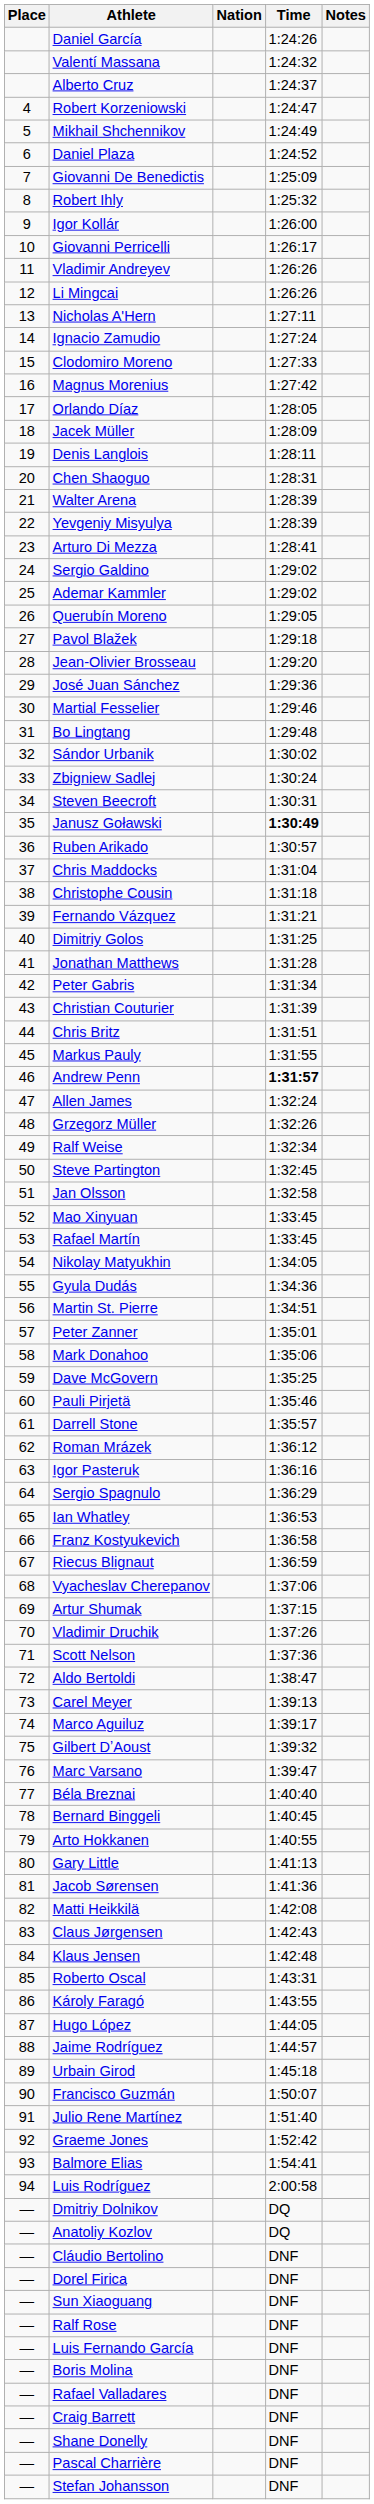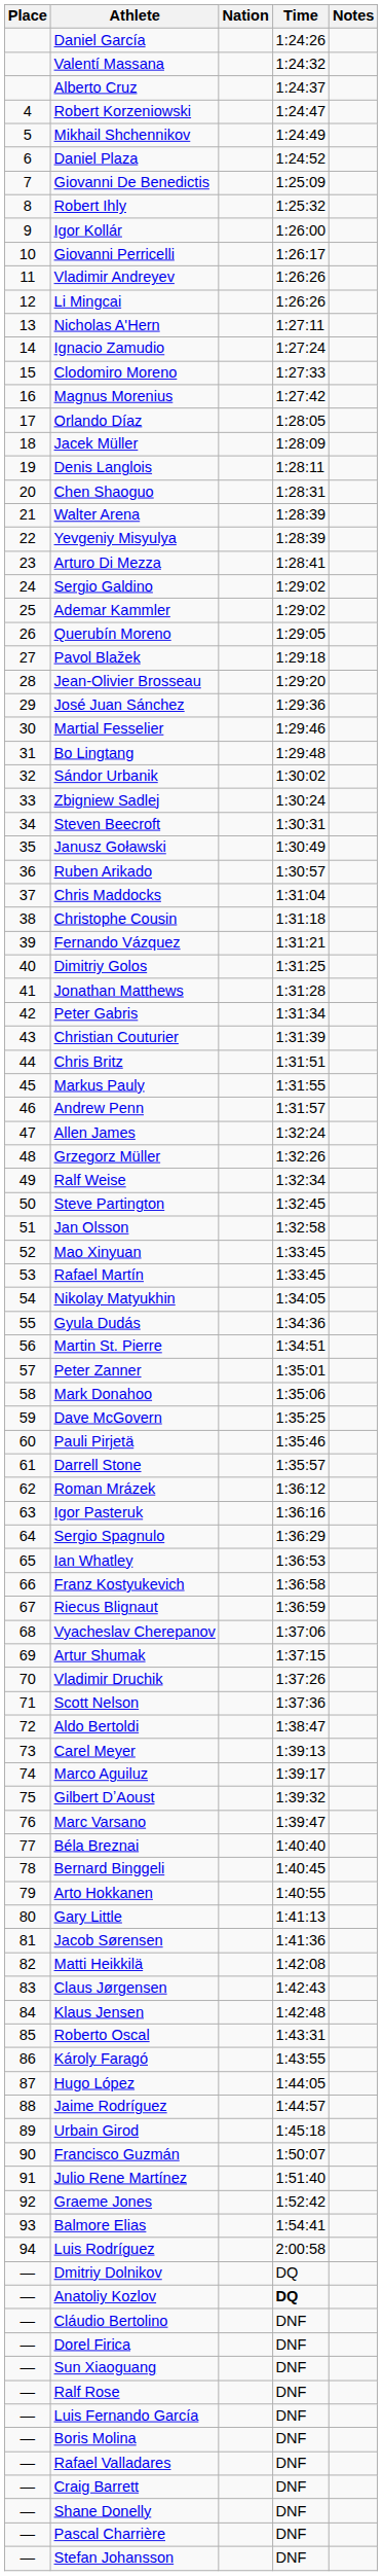 <table class=wikitable>
 <tr>
 <th>Place</th>
 <th>Athlete</th>
 <th>Nation</th>
 <th>Time</th>
 <th>Notes</th>
 </tr>
 <tr>
 <td align=center></td>
 <td><a href='#'>Daniel García</a></td>
 <td></td>
 <td>1:24:26</td>
 <td> </td>
 </tr>
 <tr>
 <td align=center></td>
 <td><a href='#'>Valentí Massana</a></td>
 <td></td>
 <td>1:24:32</td>
 <td> </td>
 </tr>
 <tr>
 <td align=center></td>
 <td><a href='#'>Alberto Cruz</a></td>
 <td></td>
 <td>1:24:37</td>
 <td> </td>
 </tr>
 <tr>
 <td align=center>4</td>
 <td><a href='#'>Robert Korzeniowski</a></td>
 <td></td>
 <td>1:24:47</td>
 <td> </td>
 </tr>
 <tr>
 <td align=center>5</td>
 <td><a href='#'>Mikhail Shchennikov</a></td>
 <td></td>
 <td>1:24:49</td>
 <td> </td>
 </tr>
 <tr>
 <td align=center>6</td>
 <td><a href='#'>Daniel Plaza</a></td>
 <td></td>
 <td>1:24:52</td>
 <td> </td>
 </tr>
 <tr>
 <td align=center>7</td>
 <td><a href='#'>Giovanni De Benedictis</a></td>
 <td></td>
 <td>1:25:09</td>
 <td> </td>
 </tr>
 <tr>
 <td align=center>8</td>
 <td><a href='#'>Robert Ihly</a></td>
 <td></td>
 <td>1:25:32</td>
 <td> </td>
 </tr>
 <tr>
 <td align=center>9</td>
 <td><a href='#'>Igor Kollár</a></td>
 <td></td>
 <td>1:26:00</td>
 <td> </td>
 </tr>
 <tr>
 <td align=center>10</td>
 <td><a href='#'>Giovanni Perricelli</a></td>
 <td></td>
 <td>1:26:17</td>
 <td> </td>
 </tr>
 <tr>
 <td align=center>11</td>
 <td><a href='#'>Vladimir Andreyev</a></td>
 <td></td>
 <td>1:26:26</td>
 <td> </td>
 </tr>
 <tr>
 <td align=center>12</td>
 <td><a href='#'>Li Mingcai</a></td>
 <td></td>
 <td>1:26:26</td>
 <td> </td>
 </tr>
 <tr>
 <td align=center>13</td>
 <td><a href='#'>Nicholas A'Hern</a></td>
 <td></td>
 <td>1:27:11</td>
 <td> </td>
 </tr>
 <tr>
 <td align=center>14</td>
 <td><a href='#'>Ignacio Zamudio</a></td>
 <td></td>
 <td>1:27:24</td>
 <td> </td>
 </tr>
 <tr>
 <td align=center>15</td>
 <td><a href='#'>Clodomiro Moreno</a></td>
 <td></td>
 <td>1:27:33</td>
 <td> </td>
 </tr>
 <tr>
 <td align=center>16</td>
 <td><a href='#'>Magnus Morenius</a></td>
 <td></td>
 <td>1:27:42</td>
 <td> </td>
 </tr>
 <tr>
 <td align=center>17</td>
 <td><a href='#'>Orlando Díaz</a></td>
 <td></td>
 <td>1:28:05</td>
 <td> </td>
 </tr>
 <tr>
 <td align=center>18</td>
 <td><a href='#'>Jacek Müller</a></td>
 <td></td>
 <td>1:28:09</td>
 <td> </td>
 </tr>
 <tr>
 <td align=center>19</td>
 <td><a href='#'>Denis Langlois</a></td>
 <td></td>
 <td>1:28:11</td>
 <td> </td>
 </tr>
 <tr>
 <td align=center>20</td>
 <td><a href='#'>Chen Shaoguo</a></td>
 <td></td>
 <td>1:28:31</td>
 <td> </td>
 </tr>
 <tr>
 <td align=center>21</td>
 <td><a href='#'>Walter Arena</a></td>
 <td></td>
 <td>1:28:39</td>
 <td></td>
 </tr>
 <tr>
 <td align=center>22</td>
 <td><a href='#'>Yevgeniy Misyulya</a></td>
 <td></td>
 <td>1:28:39</td>
 <td></td>
 </tr>
 <tr>
 <td align=center>23</td>
 <td><a href='#'>Arturo Di Mezza</a></td>
 <td></td>
 <td>1:28:41</td>
 <td></td>
 </tr>
 <tr>
 <td align=center>24</td>
 <td><a href='#'>Sergio Galdino</a></td>
 <td></td>
 <td>1:29:02</td>
 <td></td>
 </tr>
 <tr>
 <td align=center>25</td>
 <td><a href='#'>Ademar Kammler</a></td>
 <td></td>
 <td>1:29:02</td>
 <td></td>
 </tr>
 <tr>
 <td align=center>26</td>
 <td><a href='#'>Querubín Moreno</a></td>
 <td></td>
 <td>1:29:05</td>
 <td></td>
 </tr>
 <tr>
 <td align=center>27</td>
 <td><a href='#'>Pavol Blažek</a></td>
 <td></td>
 <td>1:29:18</td>
 <td></td>
 </tr>
 <tr>
 <td align=center>28</td>
 <td><a href='#'>Jean-Olivier Brosseau</a></td>
 <td></td>
 <td>1:29:20</td>
 <td></td>
 </tr>
 <tr>
 <td align=center>29</td>
 <td><a href='#'>José Juan Sánchez</a></td>
 <td></td>
 <td>1:29:36</td>
 <td></td>
 </tr>
 <tr>
 <td align=center>30</td>
 <td><a href='#'>Martial Fesselier</a></td>
 <td></td>
 <td>1:29:46</td>
 <td></td>
 </tr>
 <tr>
 <td align=center>31</td>
 <td><a href='#'>Bo Lingtang</a></td>
 <td></td>
 <td>1:29:48</td>
 <td></td>
 </tr>
 <tr>
 <td align=center>32</td>
 <td><a href='#'>Sándor Urbanik</a></td>
 <td></td>
 <td>1:30:02</td>
 <td></td>
 </tr>
 <tr>
 <td align=center>33</td>
 <td><a href='#'>Zbigniew Sadlej</a></td>
 <td></td>
 <td>1:30:24</td>
 <td></td>
 </tr>
 <tr>
 <td align=center>34</td>
 <td><a href='#'>Steven Beecroft</a></td>
 <td></td>
 <td>1:30:31</td>
 <td></td>
 </tr>
 <tr>
 <td align=center>35</td>
 <td><a href='#'>Janusz Goławski</a></td>
 <td></td>
-<td><strong>1:30:49</strong></td>
+<td>1:30:49</td>
 <td></td>
 </tr>
 <tr>
 <td align=center>36</td>
 <td><a href='#'>Ruben Arikado</a></td>
 <td></td>
 <td>1:30:57</td>
 <td></td>
 </tr>
 <tr>
 <td align=center>37</td>
 <td><a href='#'>Chris Maddocks</a></td>
 <td></td>
 <td>1:31:04</td>
 <td></td>
 </tr>
 <tr>
 <td align=center>38</td>
 <td><a href='#'>Christophe Cousin</a></td>
 <td></td>
 <td>1:31:18</td>
 <td></td>
 </tr>
 <tr>
 <td align=center>39</td>
 <td><a href='#'>Fernando Vázquez</a></td>
 <td></td>
 <td>1:31:21</td>
 <td></td>
 </tr>
 <tr>
 <td align=center>40</td>
 <td><a href='#'>Dimitriy Golos</a></td>
 <td></td>
 <td>1:31:25</td>
 <td></td>
 </tr>
 <tr>
 <td align=center>41</td>
 <td><a href='#'>Jonathan Matthews</a></td>
 <td></td>
 <td>1:31:28</td>
 <td></td>
 </tr>
 <tr>
 <td align=center>42</td>
 <td><a href='#'>Peter Gabris</a></td>
 <td></td>
 <td>1:31:34</td>
 <td></td>
 </tr>
 <tr>
 <td align=center>43</td>
 <td><a href='#'>Christian Couturier</a></td>
 <td></td>
 <td>1:31:39</td>
 <td></td>
 </tr>
 <tr>
 <td align=center>44</td>
 <td><a href='#'>Chris Britz</a></td>
 <td></td>
 <td>1:31:51</td>
 <td></td>
 </tr>
 <tr>
 <td align=center>45</td>
 <td><a href='#'>Markus Pauly</a></td>
 <td></td>
 <td>1:31:55</td>
 <td></td>
 </tr>
 <tr>
 <td align=center>46</td>
 <td><a href='#'>Andrew Penn</a></td>
 <td></td>
-<td><strong>1:31:57</strong></td>
+<td>1:31:57</td>
 <td></td>
 </tr>
 <tr>
 <td align=center>47</td>
 <td><a href='#'>Allen James</a></td>
 <td></td>
 <td>1:32:24</td>
 <td></td>
 </tr>
 <tr>
 <td align=center>48</td>
 <td><a href='#'>Grzegorz Müller</a></td>
 <td></td>
 <td>1:32:26</td>
 <td></td>
 </tr>
 <tr>
 <td align=center>49</td>
 <td><a href='#'>Ralf Weise</a></td>
 <td></td>
 <td>1:32:34</td>
 <td></td>
 </tr>
 <tr>
 <td align=center>50</td>
 <td><a href='#'>Steve Partington</a></td>
 <td></td>
 <td>1:32:45</td>
 <td></td>
 </tr>
 <tr>
 <td align=center>51</td>
 <td><a href='#'>Jan Olsson</a></td>
 <td></td>
 <td>1:32:58</td>
 <td></td>
 </tr>
 <tr>
 <td align=center>52</td>
 <td><a href='#'>Mao Xinyuan</a></td>
 <td></td>
 <td>1:33:45</td>
 <td></td>
 </tr>
 <tr>
 <td align=center>53</td>
 <td><a href='#'>Rafael Martín</a></td>
 <td></td>
 <td>1:33:45</td>
 <td></td>
 </tr>
 <tr>
 <td align=center>54</td>
 <td><a href='#'>Nikolay Matyukhin</a></td>
 <td></td>
 <td>1:34:05</td>
 <td></td>
 </tr>
 <tr>
 <td align=center>55</td>
 <td><a href='#'>Gyula Dudás</a></td>
 <td></td>
 <td>1:34:36</td>
 <td></td>
 </tr>
 <tr>
 <td align=center>56</td>
 <td><a href='#'>Martin St. Pierre</a></td>
 <td></td>
 <td>1:34:51</td>
 <td></td>
 </tr>
 <tr>
 <td align=center>57</td>
 <td><a href='#'>Peter Zanner</a></td>
 <td></td>
 <td>1:35:01</td>
 <td></td>
 </tr>
 <tr>
 <td align=center>58</td>
 <td><a href='#'>Mark Donahoo</a></td>
 <td></td>
 <td>1:35:06</td>
 <td></td>
 </tr>
 <tr>
 <td align=center>59</td>
 <td><a href='#'>Dave McGovern</a></td>
 <td></td>
 <td>1:35:25</td>
 <td></td>
 </tr>
 <tr>
 <td align=center>60</td>
 <td><a href='#'>Pauli Pirjetä</a></td>
 <td></td>
 <td>1:35:46</td>
 <td></td>
 </tr>
 <tr>
 <td align=center>61</td>
 <td><a href='#'>Darrell Stone</a></td>
 <td></td>
 <td>1:35:57</td>
 <td></td>
 </tr>
 <tr>
 <td align=center>62</td>
 <td><a href='#'>Roman Mrázek</a></td>
 <td></td>
 <td>1:36:12</td>
 <td></td>
 </tr>
 <tr>
 <td align=center>63</td>
 <td><a href='#'>Igor Pasteruk</a></td>
 <td></td>
 <td>1:36:16</td>
 <td></td>
 </tr>
 <tr>
 <td align=center>64</td>
 <td><a href='#'>Sergio Spagnulo</a></td>
 <td></td>
 <td>1:36:29</td>
 <td></td>
 </tr>
 <tr>
 <td align=center>65</td>
 <td><a href='#'>Ian Whatley</a></td>
 <td></td>
 <td>1:36:53</td>
 <td></td>
 </tr>
 <tr>
 <td align=center>66</td>
 <td><a href='#'>Franz Kostyukevich</a></td>
 <td></td>
 <td>1:36:58</td>
 <td></td>
 </tr>
 <tr>
 <td align=center>67</td>
 <td><a href='#'>Riecus Blignaut</a></td>
 <td></td>
 <td>1:36:59</td>
 <td></td>
 </tr>
 <tr>
 <td align=center>68</td>
 <td><a href='#'>Vyacheslav Cherepanov</a></td>
 <td></td>
 <td>1:37:06</td>
 <td></td>
 </tr>
 <tr>
 <td align=center>69</td>
 <td><a href='#'>Artur Shumak</a></td>
 <td></td>
 <td>1:37:15</td>
 <td></td>
 </tr>
 <tr>
 <td align=center>70</td>
 <td><a href='#'>Vladimir Druchik</a></td>
 <td></td>
 <td>1:37:26</td>
 <td></td>
 </tr>
 <tr>
 <td align=center>71</td>
 <td><a href='#'>Scott Nelson</a></td>
 <td></td>
 <td>1:37:36</td>
 <td></td>
 </tr>
 <tr>
 <td align=center>72</td>
 <td><a href='#'>Aldo Bertoldi</a></td>
 <td></td>
 <td>1:38:47</td>
 <td></td>
 </tr>
 <tr>
 <td align=center>73</td>
 <td><a href='#'>Carel Meyer</a></td>
 <td></td>
 <td>1:39:13</td>
 <td></td>
 </tr>
 <tr>
 <td align=center>74</td>
 <td><a href='#'>Marco Aguiluz</a></td>
 <td></td>
 <td>1:39:17</td>
 <td></td>
 </tr>
 <tr>
 <td align=center>75</td>
 <td><a href='#'>Gilbert DʼAoust</a></td>
 <td></td>
 <td>1:39:32</td>
 <td></td>
 </tr>
 <tr>
 <td align=center>76</td>
 <td><a href='#'>Marc Varsano</a></td>
 <td></td>
 <td>1:39:47</td>
 <td></td>
 </tr>
 <tr>
 <td align=center>77</td>
 <td><a href='#'>Béla Breznai</a></td>
 <td></td>
 <td>1:40:40</td>
 <td></td>
 </tr>
 <tr>
 <td align=center>78</td>
 <td><a href='#'>Bernard Binggeli</a></td>
 <td></td>
 <td>1:40:45</td>
 <td></td>
 </tr>
 <tr>
 <td align=center>79</td>
 <td><a href='#'>Arto Hokkanen</a></td>
 <td></td>
 <td>1:40:55</td>
 <td></td>
 </tr>
 <tr>
 <td align=center>80</td>
 <td><a href='#'>Gary Little</a></td>
 <td></td>
 <td>1:41:13</td>
 <td></td>
 </tr>
 <tr>
 <td align=center>81</td>
 <td><a href='#'>Jacob Sørensen</a></td>
 <td></td>
 <td>1:41:36</td>
 <td></td>
 </tr>
 <tr>
 <td align=center>82</td>
 <td><a href='#'>Matti Heikkilä</a></td>
 <td></td>
 <td>1:42:08</td>
 <td></td>
 </tr>
 <tr>
 <td align=center>83</td>
 <td><a href='#'>Claus Jørgensen</a></td>
 <td></td>
 <td>1:42:43</td>
 <td></td>
 </tr>
 <tr>
 <td align=center>84</td>
 <td><a href='#'>Klaus Jensen</a></td>
 <td></td>
 <td>1:42:48</td>
 <td></td>
 </tr>
 <tr>
 <td align=center>85</td>
 <td><a href='#'>Roberto Oscal</a></td>
 <td></td>
 <td>1:43:31</td>
 <td></td>
 </tr>
 <tr>
 <td align=center>86</td>
 <td><a href='#'>Károly Faragó</a></td>
 <td></td>
 <td>1:43:55</td>
 <td></td>
 </tr>
 <tr>
 <td align=center>87</td>
 <td><a href='#'>Hugo López</a></td>
 <td></td>
 <td>1:44:05</td>
 <td></td>
 </tr>
 <tr>
 <td align=center>88</td>
 <td><a href='#'>Jaime Rodríguez</a></td>
 <td></td>
 <td>1:44:57</td>
 <td></td>
 </tr>
 <tr>
 <td align=center>89</td>
 <td><a href='#'>Urbain Girod</a></td>
 <td></td>
 <td>1:45:18</td>
 <td></td>
 </tr>
 <tr>
 <td align=center>90</td>
 <td><a href='#'>Francisco Guzmán</a></td>
 <td></td>
 <td>1:50:07</td>
 <td></td>
 </tr>
 <tr>
 <td align=center>91</td>
 <td><a href='#'>Julio Rene Martínez</a></td>
 <td></td>
 <td>1:51:40</td>
 <td></td>
 </tr>
 <tr>
 <td align=center>92</td>
 <td><a href='#'>Graeme Jones</a></td>
 <td></td>
 <td>1:52:42</td>
 <td></td>
 </tr>
 <tr>
 <td align=center>93</td>
 <td><a href='#'>Balmore Elias</a></td>
 <td></td>
 <td>1:54:41</td>
 <td></td>
 </tr>
 <tr>
 <td align=center>94</td>
 <td><a href='#'>Luis Rodríguez</a></td>
 <td></td>
 <td>2:00:58</td>
 <td></td>
 </tr>
 <tr>
 <td align=center>—</td>
 <td><a href='#'>Dmitriy Dolnikov</a></td>
 <td></td>
 <td>DQ</td>
 <td></td>
 </tr>
 <tr>
 <td align=center>—</td>
 <td><a href='#'>Anatoliy Kozlov</a></td>
 <td></td>
-<td>DQ</td>
+<td><strong>DQ</strong></td>
 <td></td>
 </tr>
 <tr>
 <td align=center>—</td>
 <td><a href='#'>Cláudio Bertolino</a></td>
 <td></td>
 <td>DNF</td>
 <td></td>
 </tr>
 <tr>
 <td align=center>—</td>
 <td><a href='#'>Dorel Firica</a></td>
 <td></td>
 <td>DNF</td>
 <td></td>
 </tr>
 <tr>
 <td align=center>—</td>
 <td><a href='#'>Sun Xiaoguang</a></td>
 <td></td>
 <td>DNF</td>
 <td></td>
 </tr>
 <tr>
 <td align=center>—</td>
 <td><a href='#'>Ralf Rose</a></td>
 <td></td>
 <td>DNF</td>
 <td></td>
 </tr>
 <tr>
 <td align=center>—</td>
 <td><a href='#'>Luis Fernando García</a></td>
 <td></td>
 <td>DNF</td>
 <td></td>
 </tr>
 <tr>
 <td align=center>—</td>
 <td><a href='#'>Boris Molina</a></td>
 <td></td>
 <td>DNF</td>
 <td></td>
 </tr>
 <tr>
 <td align=center>—</td>
 <td><a href='#'>Rafael Valladares</a></td>
 <td></td>
 <td>DNF</td>
 <td></td>
 </tr>
 <tr>
 <td align=center>—</td>
 <td><a href='#'>Craig Barrett</a></td>
 <td></td>
 <td>DNF</td>
 <td></td>
 </tr>
 <tr>
 <td align=center>—</td>
 <td><a href='#'>Shane Donelly</a></td>
 <td></td>
 <td>DNF</td>
 <td></td>
 </tr>
 <tr>
 <td align=center>—</td>
 <td><a href='#'>Pascal Charrière</a></td>
 <td></td>
 <td>DNF</td>
 <td></td>
 </tr>
 <tr>
 <td align=center>—</td>
 <td><a href='#'>Stefan Johansson</a></td>
 <td></td>
 <td>DNF</td>
 <td></td>
 </tr>
 </table>
